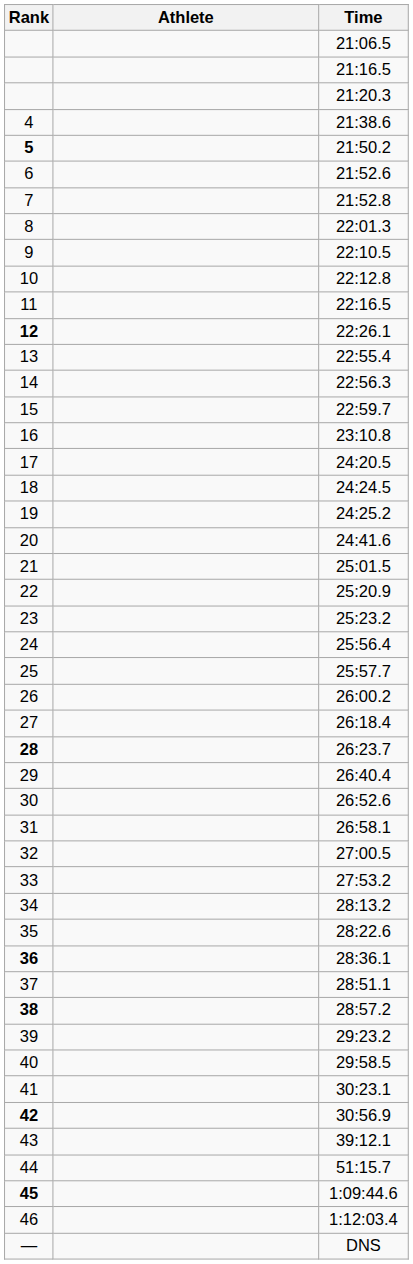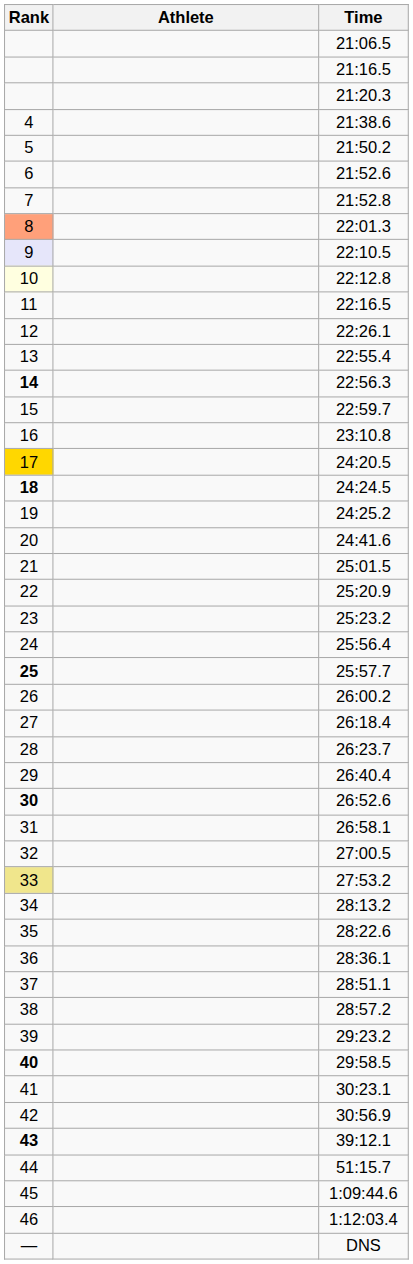 <table class=wikitable style="text-align:center">
 <tr>
 <th width=40>Rank</th>
 <th width=250>Athlete</th>
 <th width=80>Time</th>
 </tr>
 <tr>
 <td></td>
 <td align=left></td>
 <td>21:06.5</td>
 </tr>
 <tr>
 <td></td>
 <td align=left></td>
 <td>21:16.5</td>
 </tr>
 <tr>
 <td></td>
 <td align=left></td>
 <td>21:20.3</td>
 </tr>
 <tr>
 <td>4</td>
 <td align=left></td>
 <td>21:38.6</td>
 </tr>
 <tr>
-<td><strong>5</strong></td>
+<td>5</td>
 <td align=left></td>
 <td>21:50.2</td>
 </tr>
 <tr>
 <td>6</td>
 <td align=left></td>
 <td>21:52.6</td>
 </tr>
 <tr>
 <td>7</td>
 <td align=left></td>
 <td>21:52.8</td>
 </tr>
 <tr>
-<td>8</td>
+<td style="background: lightsalmon;">8</td>
 <td align=left></td>
 <td>22:01.3</td>
 </tr>
 <tr>
-<td>9</td>
+<td style="background: lavender;">9</td>
 <td align=left></td>
 <td>22:10.5</td>
 </tr>
 <tr>
-<td>10</td>
+<td style="background: lightyellow;">10</td>
 <td align=left></td>
 <td>22:12.8</td>
 </tr>
 <tr>
 <td>11</td>
 <td align=left></td>
 <td>22:16.5</td>
 </tr>
 <tr>
-<td><strong>12</strong></td>
+<td>12</td>
 <td align=left></td>
 <td>22:26.1</td>
 </tr>
 <tr>
 <td>13</td>
 <td align=left></td>
 <td>22:55.4</td>
 </tr>
 <tr>
-<td>14</td>
+<td><strong>14</strong></td>
 <td align=left></td>
 <td>22:56.3</td>
 </tr>
 <tr>
 <td>15</td>
 <td align=left></td>
 <td>22:59.7</td>
 </tr>
 <tr>
 <td>16</td>
 <td align=left></td>
 <td>23:10.8</td>
 </tr>
 <tr>
-<td>17</td>
+<td style="background: gold;">17</td>
 <td align=left></td>
 <td>24:20.5</td>
 </tr>
 <tr>
-<td>18</td>
+<td><strong>18</strong></td>
 <td align=left></td>
 <td>24:24.5</td>
 </tr>
 <tr>
 <td>19</td>
 <td align=left></td>
 <td>24:25.2</td>
 </tr>
 <tr>
 <td>20</td>
 <td align=left></td>
 <td>24:41.6</td>
 </tr>
 <tr>
 <td>21</td>
 <td align=left></td>
 <td>25:01.5</td>
 </tr>
 <tr>
 <td>22</td>
 <td align=left></td>
 <td>25:20.9</td>
 </tr>
 <tr>
 <td>23</td>
 <td align=left></td>
 <td>25:23.2</td>
 </tr>
 <tr>
 <td>24</td>
 <td align=left></td>
 <td>25:56.4</td>
 </tr>
 <tr>
-<td>25</td>
+<td><strong>25</strong></td>
 <td align=left></td>
 <td>25:57.7</td>
 </tr>
 <tr>
 <td>26</td>
 <td align=left></td>
 <td>26:00.2</td>
 </tr>
 <tr>
 <td>27</td>
 <td align=left></td>
 <td>26:18.4</td>
 </tr>
 <tr>
-<td><strong>28</strong></td>
+<td>28</td>
 <td align=left></td>
 <td>26:23.7</td>
 </tr>
 <tr>
 <td>29</td>
 <td align=left></td>
 <td>26:40.4</td>
 </tr>
 <tr>
-<td>30</td>
+<td><strong>30</strong></td>
 <td align=left></td>
 <td>26:52.6</td>
 </tr>
 <tr>
 <td>31</td>
 <td align=left></td>
 <td>26:58.1</td>
 </tr>
 <tr>
 <td>32</td>
 <td align=left></td>
 <td>27:00.5</td>
 </tr>
 <tr>
-<td>33</td>
+<td style="background: khaki;">33</td>
 <td align=left></td>
 <td>27:53.2</td>
 </tr>
 <tr>
 <td>34</td>
 <td align=left></td>
 <td>28:13.2</td>
 </tr>
 <tr>
 <td>35</td>
 <td align=left></td>
 <td>28:22.6</td>
 </tr>
 <tr>
-<td><strong>36</strong></td>
+<td>36</td>
 <td align=left></td>
 <td>28:36.1</td>
 </tr>
 <tr>
 <td>37</td>
 <td align=left></td>
 <td>28:51.1</td>
 </tr>
 <tr>
-<td><strong>38</strong></td>
+<td>38</td>
 <td align=left></td>
 <td>28:57.2</td>
 </tr>
 <tr>
 <td>39</td>
 <td align=left></td>
 <td>29:23.2</td>
 </tr>
 <tr>
-<td>40</td>
+<td><strong>40</strong></td>
 <td align=left></td>
 <td>29:58.5</td>
 </tr>
 <tr>
 <td>41</td>
 <td align=left></td>
 <td>30:23.1</td>
 </tr>
 <tr>
-<td><strong>42</strong></td>
+<td>42</td>
 <td align=left></td>
 <td>30:56.9</td>
 </tr>
 <tr>
-<td>43</td>
+<td><strong>43</strong></td>
 <td align=left></td>
 <td>39:12.1</td>
 </tr>
 <tr>
 <td>44</td>
 <td align=left></td>
 <td>51:15.7</td>
 </tr>
 <tr>
-<td><strong>45</strong></td>
+<td>45</td>
 <td align=left></td>
 <td>1:09:44.6</td>
 </tr>
 <tr>
 <td>46</td>
 <td align=left></td>
 <td>1:12:03.4</td>
 </tr>
 <tr>
 <td>—</td>
 <td align=left></td>
 <td>DNS</td>
 </tr>
 </table>
